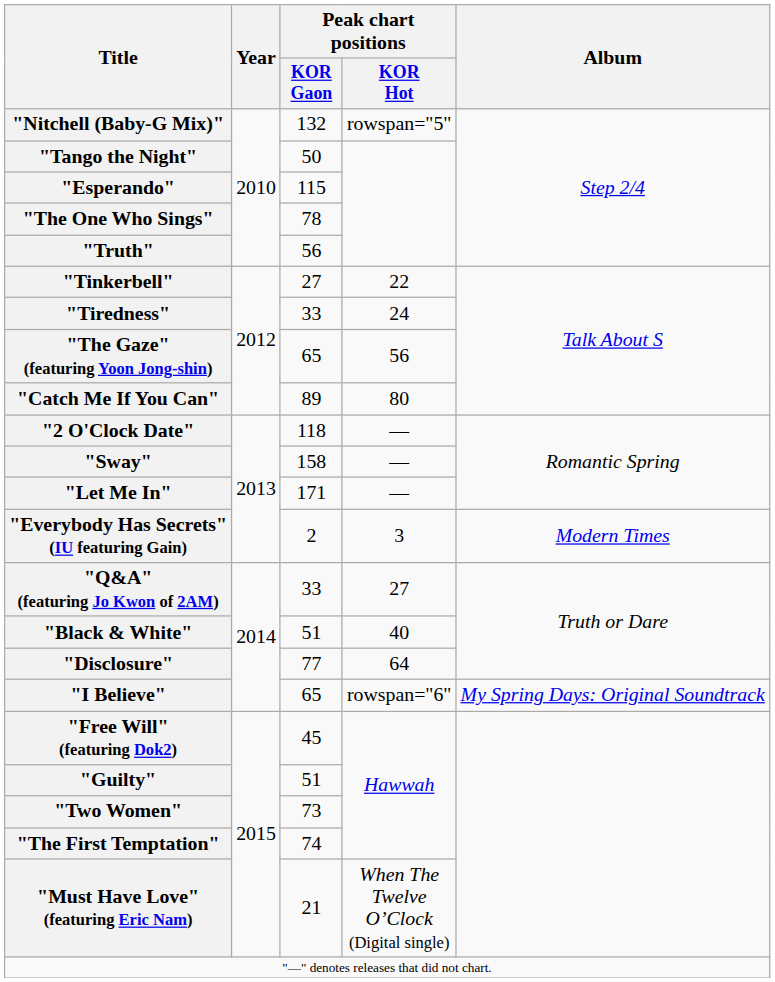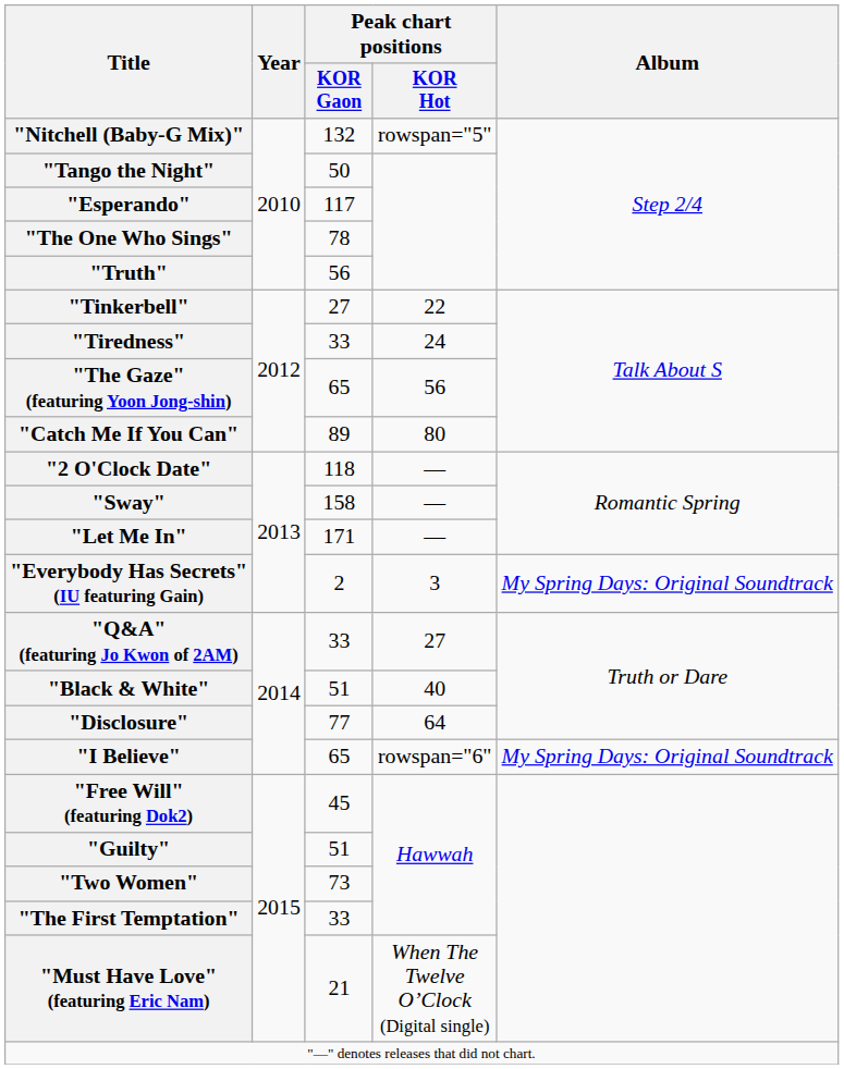 <table class="wikitable plainrowheaders" style="text-align:center;">
 <tr>
 <th scope="col" rowspan="2">Title</th>
 <th scope="col" rowspan="2">Year</th>
 <th scope="col" colspan="2">Peak chart positions</th>
 <th scope="col" rowspan="2">Album</th>
 </tr>
 <tr>
 <th scope="col" style="width:3em;font-size:90%;"><a href='#'>KOR<br>Gaon</a><br></th>
 <th scope="col" style="width:3em;font-size:90%;"><a href='#'>KOR<br>Hot</a><br></th>
 </tr>
 <tr>
 <th scope="row">"Nitchell (Baby-G Mix)"</th>
 <td rowspan="5">2010</td>
 <td>132</td>
 <td>rowspan="5" </td>
 <td rowspan="5"><em><a href='#'>Step 2/4</a></em></td>
 </tr>
 <tr>
 <th scope="row">"Tango the Night"</th>
 <td>50</td>
 </tr>
 <tr>
 <th scope="row">"Esperando"</th>
-<td>115</td>
+<td>117</td>
 </tr>
 <tr>
 <th scope="row">"The One Who Sings"</th>
 <td>78</td>
 </tr>
 <tr>
 <th scope="row">"Truth"</th>
 <td>56</td>
 </tr>
 <tr>
 <th scope="row">"Tinkerbell"</th>
 <td rowspan="4">2012</td>
 <td>27</td>
 <td>22</td>
 <td rowspan="4"><em><a href='#'>Talk About S</a></em></td>
 </tr>
 <tr>
 <th scope="row">"Tiredness"</th>
 <td>33</td>
 <td>24</td>
 </tr>
 <tr>
 <th scope="row">"The Gaze"<br><small>(featuring <a href='#'>Yoon Jong-shin</a>)</small></th>
 <td>65</td>
 <td>56</td>
 </tr>
 <tr>
 <th scope="row">"Catch Me If You Can"</th>
 <td>89</td>
 <td>80</td>
 </tr>
 <tr>
 <th scope="row">"2 O'Clock Date"</th>
 <td rowspan="4">2013</td>
 <td>118</td>
 <td>—</td>
 <td rowspan="3"><em>Romantic Spring</em></td>
 </tr>
 <tr>
 <th scope="row">"Sway"</th>
 <td>158</td>
 <td>—</td>
 </tr>
 <tr>
 <th scope="row">"Let Me In"</th>
 <td>171</td>
 <td>—</td>
 </tr>
 <tr>
 <th scope="row">"Everybody Has Secrets"<br><small>(<a href='#'>IU</a> featuring Gain)</small></th>
 <td>2</td>
 <td>3</td>
-<td><em><a href='#'>Modern Times</a></em></td>
+<td><em><a href='#'>My Spring Days: Original Soundtrack</a></em></td>
 </tr>
 <tr>
 <th scope="row">"Q&A"<br><small>(featuring <a href='#'>Jo Kwon</a> of <a href='#'>2AM</a>)</small></th>
 <td rowspan="4">2014</td>
 <td>33</td>
 <td>27</td>
 <td rowspan="3"><em>Truth or Dare</em></td>
 </tr>
 <tr>
 <th scope="row">"Black & White"</th>
 <td>51</td>
 <td>40</td>
 </tr>
 <tr>
 <th scope="row">"Disclosure"</th>
 <td>77</td>
 <td>64</td>
 </tr>
 <tr>
 <th scope="row">"I Believe"</th>
 <td>65</td>
 <td>rowspan="6" </td>
 <td><em><a href='#'>My Spring Days: Original Soundtrack</a></em></td>
 </tr>
 <tr>
 <th scope="row">"Free Will"<br><small>(featuring <a href='#'>Dok2</a>)</small></th>
 <td rowspan="5">2015</td>
 <td>45</td>
 <td rowspan="4"><em><a href='#'>Hawwah</a></em></td>
 </tr>
 <tr>
 <th scope="row">"Guilty"</th>
 <td>51</td>
 </tr>
 <tr>
 <th scope="row">"Two Women"</th>
 <td>73</td>
 </tr>
 <tr>
 <th scope="row">"The First Temptation"</th>
-<td>74</td>
+<td>33</td>
 </tr>
 <tr>
 <th scope="row">"Must Have Love"<br><small>(featuring <a href='#'>Eric Nam</a>)</small></th>
 <td>21</td>
 <td><em>When The Twelve O’Clock</em> <small>(Digital single)</small></td>
 </tr>
 <tr>
 <td colspan="5" style="text-align:center; font-size:8pt;">"—" denotes releases that did not chart.</td>
 </tr>
 </table>
